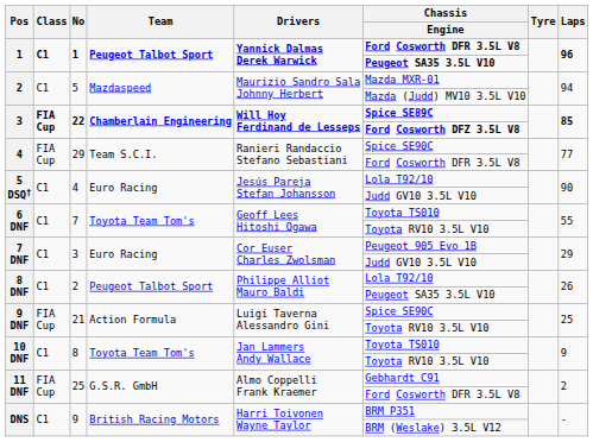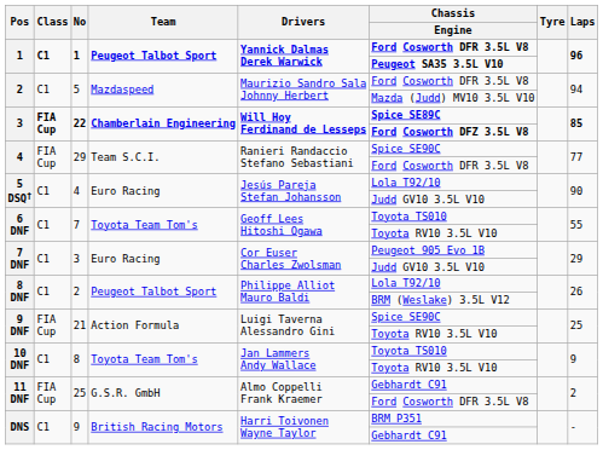 <table class="wikitable" style="font-size: 95%;">
 <tr>
 <th rowspan=2>Pos</th>
 <th rowspan=2>Class</th>
 <th rowspan=2>No</th>
 <th rowspan=2>Team</th>
 <th rowspan=2>Drivers</th>
 <th>Chassis</th>
 <th rowspan=2>Tyre</th>
 <th rowspan=2>Laps</th>
 </tr>
 <tr>
 <th>Engine</th>
 </tr>
 <tr style="font-weight:bold">
 <th rowspan=2>1</th>
 <td rowspan=2>C1</td>
 <td rowspan=2>1</td>
 <td rowspan=2> <a href='#'>Peugeot Talbot Sport</a></td>
 <td rowspan=2> <a href='#'>Yannick Dalmas</a><br> <a href='#'>Derek Warwick</a></td>
 <td><a href='#'>Ford</a> <a href='#'>Cosworth</a> DFR 3.5L V8</td>
 <td rowspan=2></td>
 <td rowspan=2>96</td>
 </tr>
 <tr style="font-weight:bold">
 <td><a href='#'>Peugeot</a> SA35 3.5L V10</td>
 </tr>
 <tr>
 <th rowspan=2>2</th>
 <td rowspan=2>C1</td>
 <td rowspan=2>5</td>
 <td rowspan=2> <a href='#'>Mazdaspeed</a></td>
 <td rowspan=2> <a href='#'>Maurizio Sandro Sala</a><br> <a href='#'>Johnny Herbert</a></td>
-<td><a href='#'>Mazda MXR-01</a></td>
+<td><a href='#'>Ford</a> <a href='#'>Cosworth</a> DFR 3.5L V8</td>
 <td rowspan=2></td>
 <td rowspan=2>94</td>
 </tr>
 <tr>
 <td><a href='#'>Mazda</a> (<a href='#'>Judd</a>) MV10 3.5L V10</td>
 </tr>
 <tr style="font-weight:bold">
 <th rowspan=2>3</th>
 <td rowspan=2>FIA<br>Cup</td>
 <td rowspan=2>22</td>
 <td rowspan=2> <a href='#'>Chamberlain Engineering</a></td>
 <td rowspan=2> <a href='#'>Will Hoy</a><br> <a href='#'>Ferdinand de Lesseps</a></td>
 <td><a href='#'>Spice SE89C</a></td>
 <td rowspan=2></td>
 <td rowspan=2>85</td>
 </tr>
 <tr style="font-weight:bold">
 <td><a href='#'>Ford</a> <a href='#'>Cosworth</a> DFZ 3.5L V8</td>
 </tr>
 <tr>
 <th rowspan=2>4</th>
 <td rowspan=2>FIA<br>Cup</td>
 <td rowspan=2>29</td>
 <td rowspan=2> Team S.C.I.</td>
 <td rowspan=2> Ranieri Randaccio<br> Stefano Sebastiani</td>
 <td><a href='#'>Spice SE90C</a></td>
 <td rowspan=2></td>
 <td rowspan=2>77</td>
 </tr>
 <tr>
 <td><a href='#'>Ford</a> <a href='#'>Cosworth</a> DFR 3.5L V8</td>
 </tr>
 <tr>
 <th rowspan=2>5<br>DSQ<sup>†</sup></th>
 <td rowspan=2>C1</td>
 <td rowspan=2>4</td>
 <td rowspan=2> Euro Racing</td>
 <td rowspan=2> <a href='#'>Jesús Pareja</a><br> <a href='#'>Stefan Johansson</a></td>
 <td><a href='#'>Lola T92/10</a></td>
 <td rowspan=2></td>
 <td rowspan=2>90</td>
 </tr>
 <tr>
 <td><a href='#'>Judd</a> GV10 3.5L V10</td>
 </tr>
 <tr>
 <th rowspan=2>6<br>DNF</th>
 <td rowspan=2>C1</td>
 <td rowspan=2>7</td>
 <td rowspan=2> <a href='#'>Toyota Team Tom's</a></td>
 <td rowspan=2> <a href='#'>Geoff Lees</a><br> <a href='#'>Hitoshi Ogawa</a></td>
 <td><a href='#'>Toyota TS010</a></td>
 <td rowspan=2></td>
 <td rowspan=2>55</td>
 </tr>
 <tr>
 <td><a href='#'>Toyota</a> RV10 3.5L V10</td>
 </tr>
 <tr>
 <th rowspan=2>7<br>DNF</th>
 <td rowspan=2>C1</td>
 <td rowspan=2>3</td>
 <td rowspan=2> Euro Racing</td>
 <td rowspan=2> <a href='#'>Cor Euser</a><br> <a href='#'>Charles Zwolsman</a></td>
 <td><a href='#'>Peugeot 905 Evo 1B</a></td>
 <td rowspan=2></td>
 <td rowspan=2>29</td>
 </tr>
 <tr>
 <td><a href='#'>Judd</a> GV10 3.5L V10</td>
 </tr>
 <tr>
 <th rowspan=2>8<br>DNF</th>
 <td rowspan=2>C1</td>
 <td rowspan=2>2</td>
 <td rowspan=2> <a href='#'>Peugeot Talbot Sport</a></td>
 <td rowspan=2> <a href='#'>Philippe Alliot</a><br> <a href='#'>Mauro Baldi</a></td>
 <td><a href='#'>Lola T92/10</a></td>
 <td rowspan=2></td>
 <td rowspan=2>26</td>
 </tr>
 <tr>
-<td><a href='#'>Peugeot</a> SA35 3.5L V10</td>
+<td><a href='#'>BRM</a> (<a href='#'>Weslake</a>) 3.5L V12</td>
 </tr>
 <tr>
 <th rowspan=2>9<br>DNF</th>
 <td rowspan=2>FIA<br>Cup</td>
 <td rowspan=2>21</td>
 <td rowspan=2> Action Formula</td>
 <td rowspan=2> Luigi Taverna<br> Alessandro Gini</td>
 <td><a href='#'>Spice SE90C</a></td>
 <td rowspan=2></td>
 <td rowspan=2>25</td>
 </tr>
 <tr>
 <td><a href='#'>Toyota</a> RV10 3.5L V10</td>
 </tr>
 <tr>
 <th rowspan=2>10<br>DNF</th>
 <td rowspan=2>C1</td>
 <td rowspan=2>8</td>
 <td rowspan=2> <a href='#'>Toyota Team Tom's</a></td>
 <td rowspan=2> <a href='#'>Jan Lammers</a><br> <a href='#'>Andy Wallace</a></td>
 <td><a href='#'>Toyota TS010</a></td>
 <td rowspan=2></td>
 <td rowspan=2>9</td>
 </tr>
 <tr>
 <td><a href='#'>Toyota</a> RV10 3.5L V10</td>
 </tr>
 <tr>
 <th rowspan=2>11<br>DNF</th>
 <td rowspan=2>FIA<br>Cup</td>
 <td rowspan=2>25</td>
 <td rowspan=2> G.S.R. GmbH</td>
 <td rowspan=2> Almo Coppelli<br> Frank Kraemer</td>
 <td><a href='#'>Gebhardt C91</a></td>
 <td rowspan=2></td>
 <td rowspan=2>2</td>
 </tr>
 <tr>
 <td><a href='#'>Ford</a> <a href='#'>Cosworth</a> DFR 3.5L V8</td>
 </tr>
 <tr>
 <th rowspan=2>DNS</th>
 <td rowspan=2>C1</td>
 <td rowspan=2>9</td>
 <td rowspan=2> <a href='#'>British Racing Motors</a></td>
 <td rowspan=2> <a href='#'>Harri Toivonen</a><br> <a href='#'>Wayne Taylor</a></td>
 <td><a href='#'>BRM P351</a></td>
 <td rowspan=2></td>
 <td rowspan=2>-</td>
 </tr>
 <tr>
-<td><a href='#'>BRM</a> (<a href='#'>Weslake</a>) 3.5L V12</td>
+<td><a href='#'>Gebhardt C91</a></td>
 </tr>
 </table>
